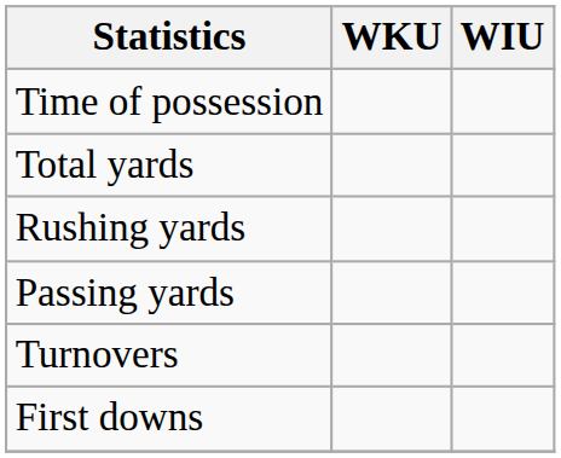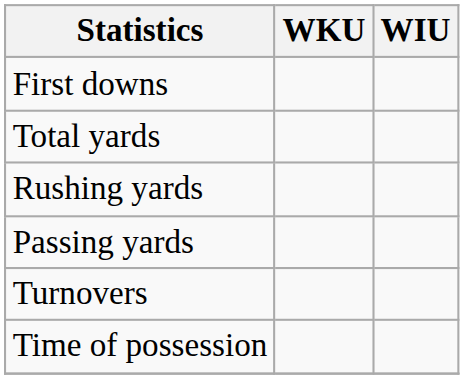 <table class="wikitable" style="float: left;">
 <tr>
 <th>Statistics</th>
 <th>WKU</th>
 <th>WIU</th>
 </tr>
 <tr>
-<td>Time of possession</td>
+<td>First downs</td>
 <td></td>
 <td></td>
 </tr>
 <tr>
 <td>Total yards</td>
 <td></td>
 <td></td>
 </tr>
 <tr>
 <td>Rushing yards</td>
 <td></td>
 <td></td>
 </tr>
 <tr>
 <td>Passing yards</td>
 <td></td>
 <td></td>
 </tr>
 <tr>
 <td>Turnovers</td>
 <td></td>
 <td></td>
 </tr>
 <tr>
-<td>First downs</td>
+<td>Time of possession</td>
 <td></td>
 <td></td>
 </tr>
 <tr>
 </tr>
 </table>
